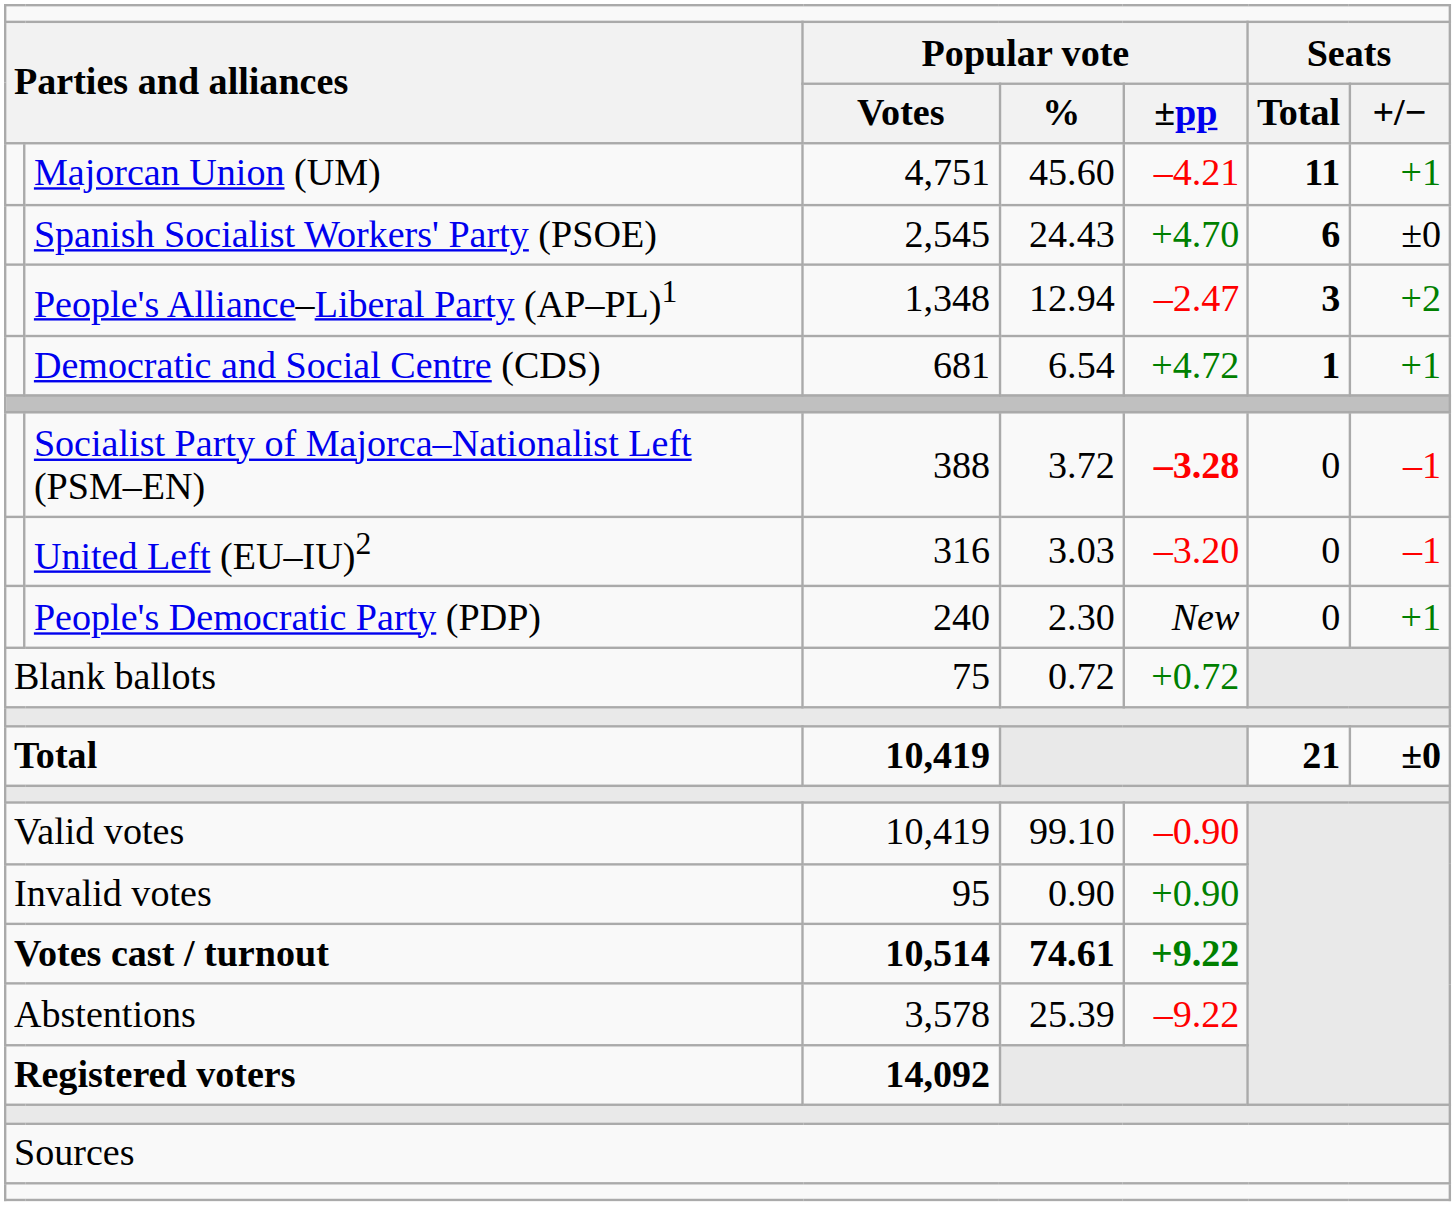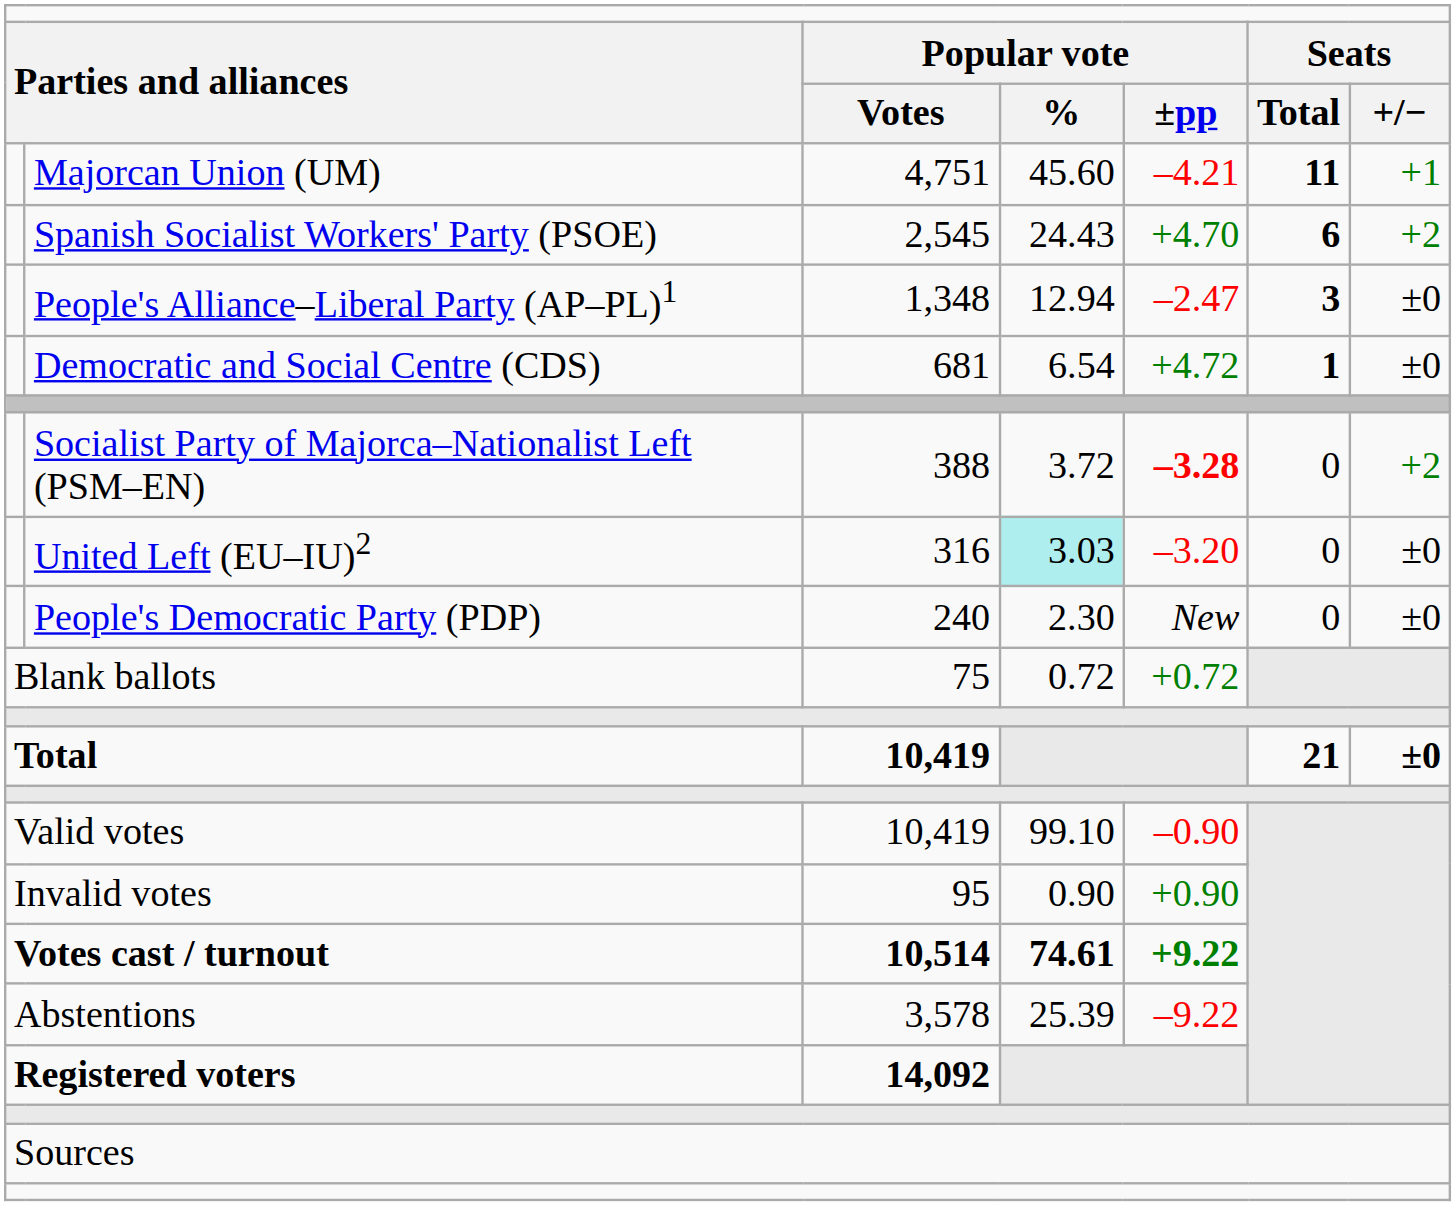 <table class="wikitable" style="text-align:right;">
 <tr>
 <td colspan="7"></td>
 </tr>
 <tr>
 <th style="text-align:left;" rowspan="2" colspan="2" width="525">Parties and alliances</th>
 <th colspan="3">Popular vote</th>
 <th colspan="2">Seats</th>
 </tr>
 <tr>
 <th width="75">Votes</th>
 <th width="45">%</th>
 <th width="45">±<a href='#'>pp</a></th>
 <th width="35">Total</th>
 <th width="35">+/−</th>
 </tr>
 <tr>
 <td width="1" style="color:inherit;background:"></td>
 <td align="left"><a href='#'>Majorcan Union</a> (UM)</td>
 <td>4,751</td>
 <td>45.60</td>
 <td style="color:red;">–4.21</td>
 <td><strong>11</strong></td>
 <td style="color:green;">+1</td>
 </tr>
 <tr>
 <td style="color:inherit;background:"></td>
 <td align="left"><a href='#'>Spanish Socialist Workers' Party</a> (PSOE)</td>
 <td>2,545</td>
 <td>24.43</td>
 <td style="color:green;">+4.70</td>
 <td><strong>6</strong></td>
-<td>±0</td>
+<td style="color:green;">+2</td>
 </tr>
 <tr>
 <td style="color:inherit;background:"></td>
 <td align="left"><a href='#'>People's Alliance</a>–<a href='#'>Liberal Party</a> (AP–PL)<sup>1</sup></td>
 <td>1,348</td>
 <td>12.94</td>
 <td style="color:red;">–2.47</td>
 <td><strong>3</strong></td>
-<td style="color:green;">+2</td>
+<td>±0</td>
 </tr>
 <tr>
 <td style="color:inherit;background:"></td>
 <td align="left"><a href='#'>Democratic and Social Centre</a> (CDS)</td>
 <td>681</td>
 <td>6.54</td>
 <td style="color:green;">+4.72</td>
 <td><strong>1</strong></td>
-<td style="color:green;">+1</td>
+<td>±0</td>
 </tr>
 <tr>
 <td colspan="7" bgcolor="#C0C0C0"></td>
 </tr>
 <tr>
 <td style="color:inherit;background:"></td>
 <td align="left"><a href='#'>Socialist Party of Majorca–Nationalist Left</a> (PSM–EN)</td>
 <td>388</td>
 <td>3.72</td>
 <td style="color:red;"><strong>–3.28</strong></td>
 <td>0</td>
-<td style="color:red;">–1</td>
+<td style="color:green;">+2</td>
 </tr>
 <tr>
 <td style="color:inherit;background:"></td>
 <td align="left"><a href='#'>United Left</a> (EU–IU)<sup>2</sup></td>
 <td>316</td>
-<td>3.03</td>
+<td style="background: paleturquoise;">3.03</td>
 <td style="color:red;">–3.20</td>
 <td>0</td>
-<td style="color:red;">–1</td>
+<td>±0</td>
 </tr>
 <tr>
 <td style="color:inherit;background:"></td>
 <td align="left"><a href='#'>People's Democratic Party</a> (PDP)</td>
 <td>240</td>
 <td>2.30</td>
 <td><em>New</em></td>
 <td>0</td>
-<td style="color:green;">+1</td>
+<td>±0</td>
 </tr>
 <tr>
 <td align="left" colspan="2">Blank ballots</td>
 <td>75</td>
 <td>0.72</td>
 <td style="color:green;">+0.72</td>
 <td bgcolor="#E9E9E9" colspan="2"></td>
 </tr>
 <tr>
 <td colspan="7" bgcolor="#E9E9E9"></td>
 </tr>
 <tr style="font-weight:bold;">
 <td align="left" colspan="2">Total</td>
 <td>10,419</td>
 <td bgcolor="#E9E9E9" colspan="2"></td>
 <td>21</td>
 <td>±0</td>
 </tr>
 <tr>
 <td colspan="7" bgcolor="#E9E9E9"></td>
 </tr>
 <tr>
 <td align="left" colspan="2">Valid votes</td>
 <td>10,419</td>
 <td>99.10</td>
 <td style="color:red;">–0.90</td>
 <td bgcolor="#E9E9E9" colspan="2" rowspan="5"></td>
 </tr>
 <tr>
 <td align="left" colspan="2">Invalid votes</td>
 <td>95</td>
 <td>0.90</td>
 <td style="color:green;">+0.90</td>
 </tr>
 <tr style="font-weight:bold;">
 <td align="left" colspan="2">Votes cast / turnout</td>
 <td>10,514</td>
 <td>74.61</td>
 <td style="color:green;">+9.22</td>
 </tr>
 <tr>
 <td align="left" colspan="2">Abstentions</td>
 <td>3,578</td>
 <td>25.39</td>
 <td style="color:red;">–9.22</td>
 </tr>
 <tr style="font-weight:bold;">
 <td align="left" colspan="2">Registered voters</td>
 <td>14,092</td>
 <td bgcolor="#E9E9E9" colspan="2"></td>
 </tr>
 <tr>
 <td colspan="7" bgcolor="#E9E9E9"></td>
 </tr>
 <tr>
 <td align="left" colspan="7">Sources</td>
 </tr>
 <tr>
 <td colspan="7" style="text-align:left; max-width:790px;"></td>
 </tr>
 </table>
